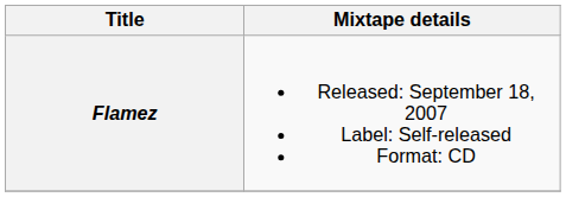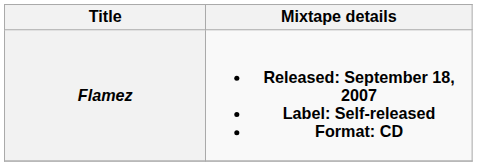 <table class="wikitable plainrowheaders" style="text-align:center;">
 <tr>
 <th scope="col" rowspan="1" style="width:12em;">Title</th>
 <th scope="col" rowspan="1" style="width:16em;">Mixtape details</th>
 </tr>
 <tr>
 <th scope="row"><em>Flamez</em></th>
-<td><br><ul><li>Released: September 18, 2007</li><li>Label: Self-released</li><li>Format: CD</li></ul></td>
+<td><strong><br><ul><li>Released: September 18, 2007</li><li>Label: Self-released</li><li>Format: CD</li></ul></strong></td>
 </tr>
 <tr>
 </tr>
 </table>
